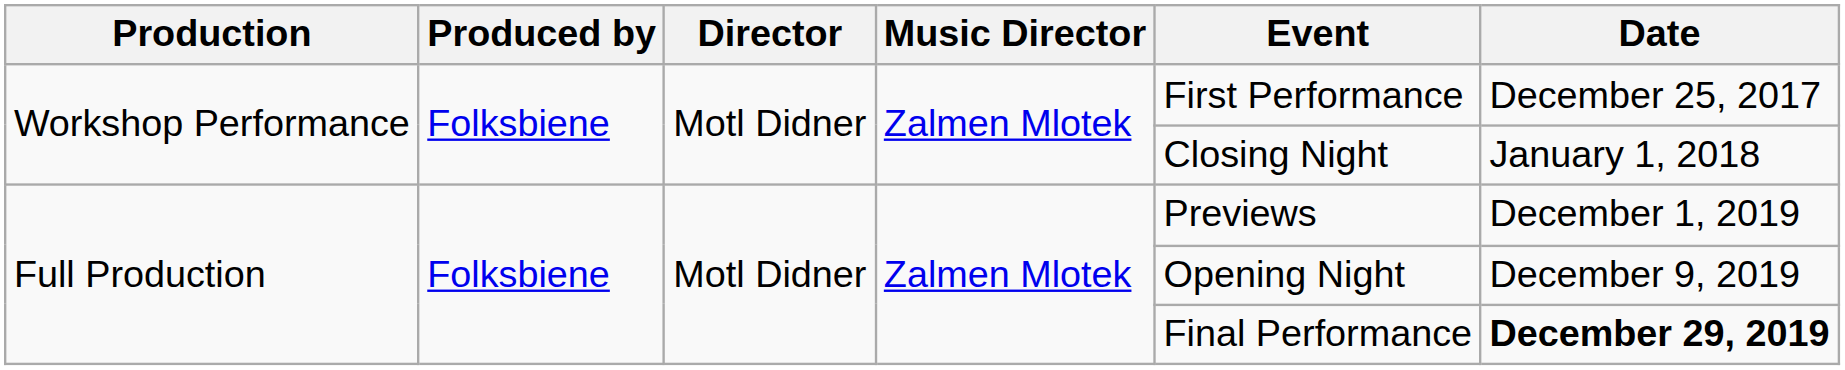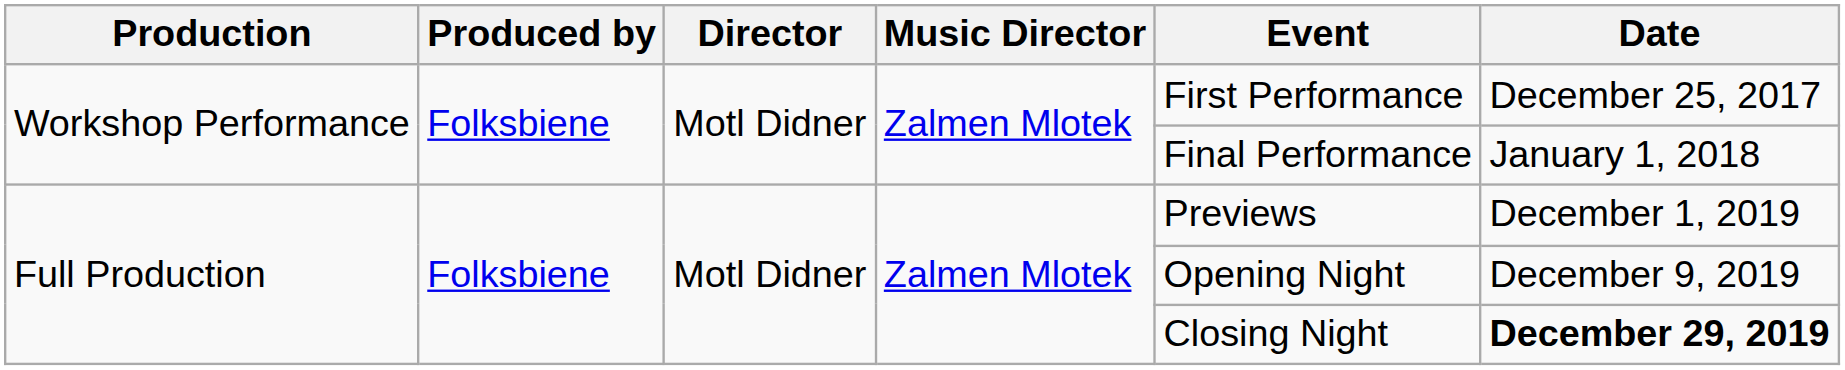 <table class="wikitable sortable">
 <tr>
 <th>Production</th>
 <th>Produced by</th>
 <th>Director</th>
 <th>Music Director</th>
 <th>Event</th>
 <th>Date</th>
 </tr>
 <tr>
 <td rowspan="2">Workshop Performance</td>
 <td rowspan="2"><a href='#'>Folksbiene</a></td>
 <td rowspan="2">Motl Didner</td>
 <td rowspan="2"><a href='#'>Zalmen Mlotek</a></td>
 <td>First Performance</td>
 <td>December 25, 2017</td>
 </tr>
 <tr>
-<td>Closing Night</td>
+<td>Final Performance</td>
 <td>January 1, 2018</td>
 </tr>
 <tr>
 <td rowspan="3">Full Production</td>
 <td rowspan="3"><a href='#'>Folksbiene</a></td>
 <td rowspan="3">Motl Didner</td>
 <td rowspan="3"><a href='#'>Zalmen Mlotek</a></td>
 <td>Previews</td>
 <td>December 1, 2019</td>
 </tr>
 <tr>
 <td>Opening Night</td>
 <td>December 9, 2019</td>
 </tr>
 <tr>
-<td>Final Performance</td>
+<td>Closing Night</td>
 <td><strong>December 29, 2019</strong></td>
 </tr>
 </table>
